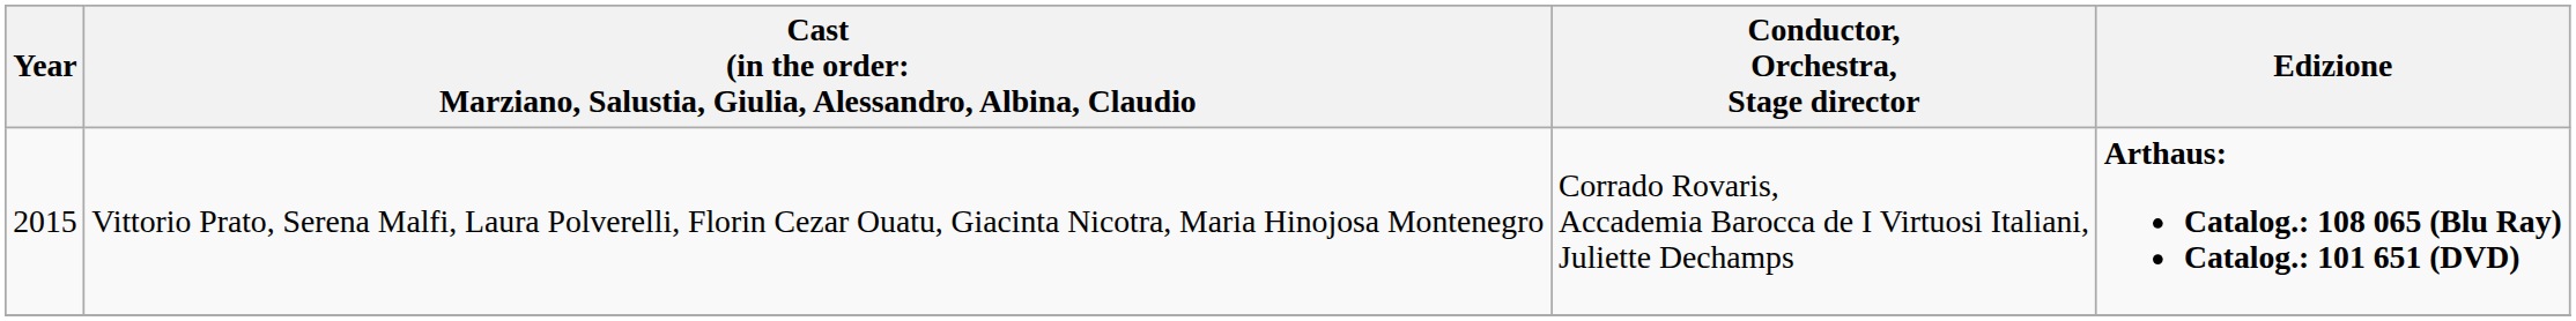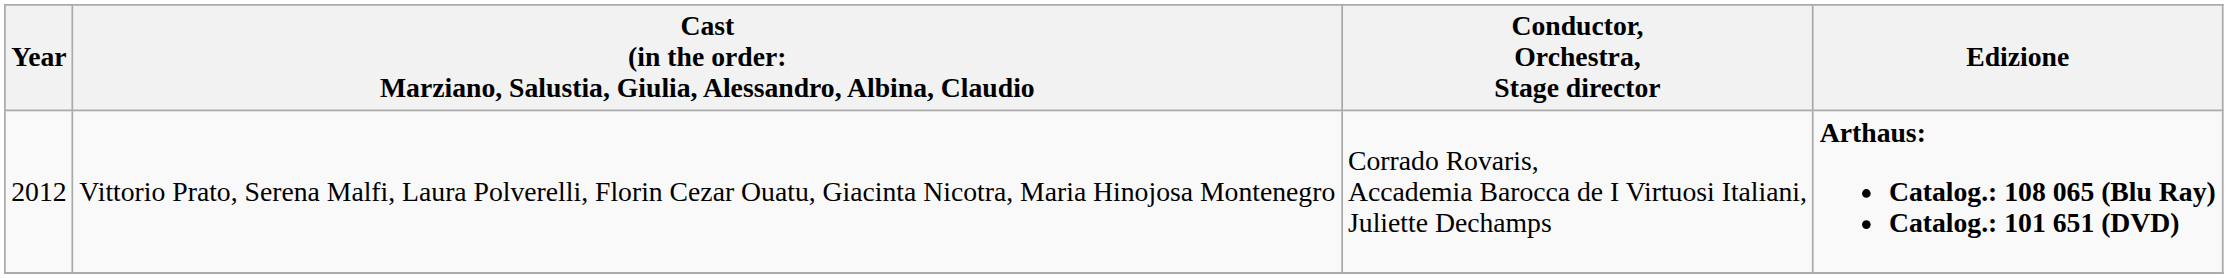 <table class="wikitable">
 <tr>
 <th>Year</th>
 <th>Cast<br>(in the order:<br>Marziano, Salustia, Giulia, Alessandro, Albina, Claudio</th>
 <th>Conductor,<br>Orchestra,<br>Stage director</th>
 <th>Edizione</th>
 </tr>
 <tr>
-<td>2015</td>
+<td>2012</td>
 <td>Vittorio Prato, Serena Malfi, Laura Polverelli, Florin Cezar Ouatu, Giacinta Nicotra, Maria Hinojosa Montenegro</td>
 <td>Corrado Rovaris,<br>Accademia Barocca de I Virtuosi Italiani,<br>Juliette Dechamps</td>
 <td><strong>Arthaus:<br><ul><li>Catalog.: 108 065 (Blu Ray)</li><li>Catalog.: 101 651 (DVD)</li></ul></strong></td>
 </tr>
 <tr>
 </tr>
 </table>
